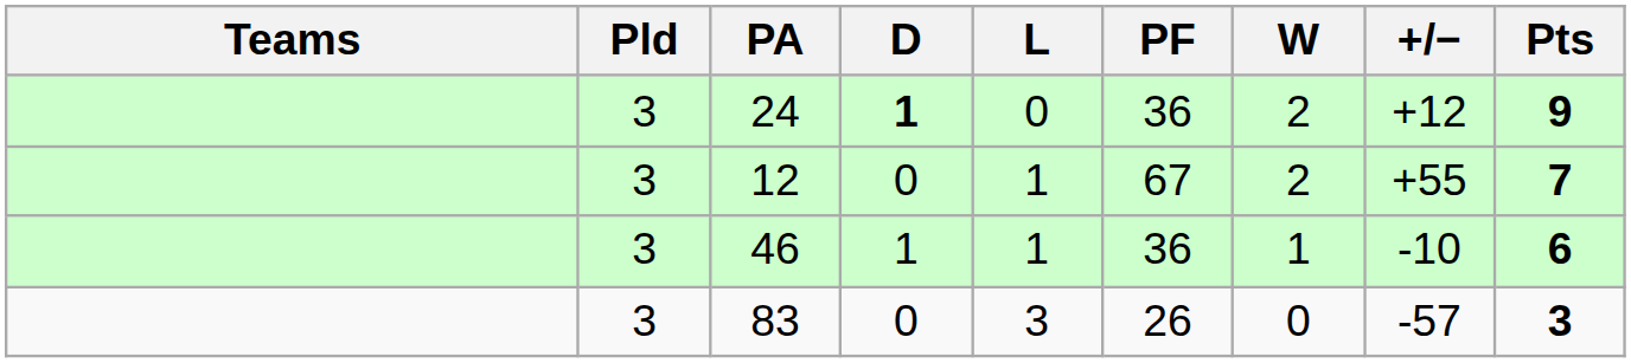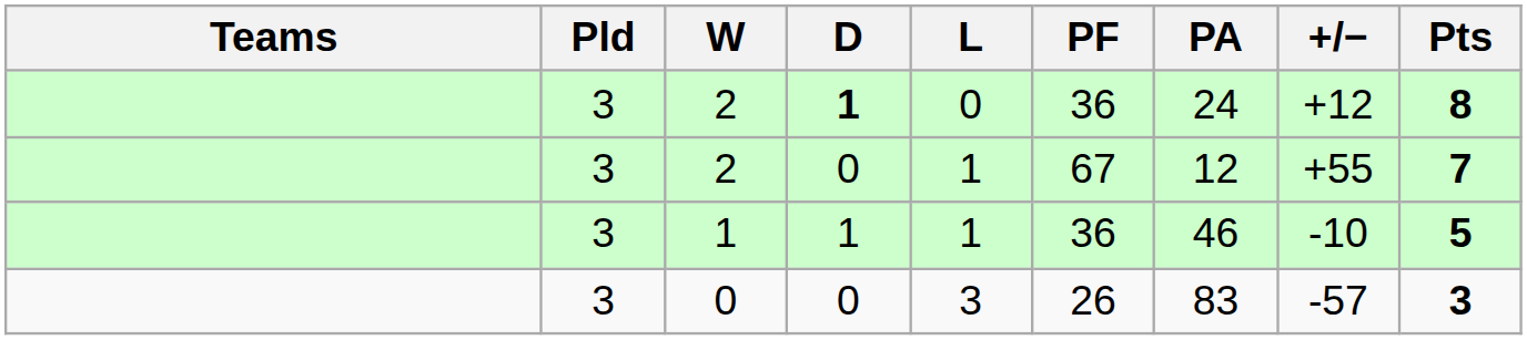 <table class="wikitable" style="text-align: center;">
 <tr>
 <th width="200">Teams</th>
 <th width="40">Pld</th>
-<th width="40">PA</th>
+<th width="40">W</th>
 <th width="40">D</th>
 <th width="40">L</th>
 <th width="40">PF</th>
-<th width="40">W</th>
+<th width="40">PA</th>
 <th width="40">+/−</th>
 <th width="40">Pts</th>
 </tr>
 <tr bgcolor=#ccffcc>
 <td align=left></td>
 <td>3</td>
-<td>24</td>
+<td>2</td>
 <td><strong>1</strong></td>
 <td>0</td>
 <td>36</td>
-<td>2</td>
+<td>24</td>
 <td>+12</td>
-<td><strong>9</strong></td>
+<td><strong>8</strong></td>
 </tr>
 <tr bgcolor=#ccffcc>
 <td align=left></td>
 <td>3</td>
-<td>12</td>
+<td>2</td>
 <td>0</td>
 <td>1</td>
 <td>67</td>
-<td>2</td>
+<td>12</td>
 <td>+55</td>
 <td><strong>7</strong></td>
 </tr>
 <tr bgcolor=#ccffcc>
 <td align=left></td>
 <td>3</td>
-<td>46</td>
+<td>1</td>
 <td>1</td>
 <td>1</td>
 <td>36</td>
-<td>1</td>
+<td>46</td>
 <td>-10</td>
-<td><strong>6</strong></td>
+<td><strong>5</strong></td>
 </tr>
 <tr>
 <td align=left></td>
 <td>3</td>
-<td>83</td>
+<td>0</td>
 <td>0</td>
 <td>3</td>
 <td>26</td>
-<td>0</td>
+<td>83</td>
 <td>-57</td>
 <td><strong>3</strong></td>
 </tr>
 </table>
